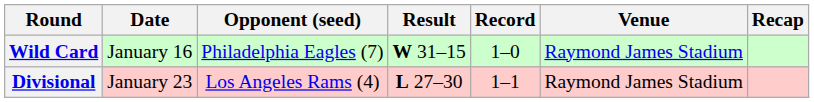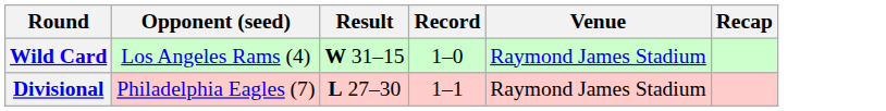 <table class="wikitable" style="text-align:center">
 <tr>
 <th>Round</th>
-<th>Date</th>
 <th>Opponent (seed)</th>
 <th>Result</th>
 <th>Record</th>
 <th>Venue</th>
 <th>Recap</th>
 </tr>
 <tr style="background:#cfc">
 <th><a href='#'>Wild Card</a></th>
-<td>January 16</td>
-<td><a href='#'>Philadelphia Eagles</a> (7)</td>
+<td><a href='#'>Los Angeles Rams</a> (4)</td>
 <td><strong>W</strong> 31–15</td>
 <td>1–0</td>
 <td><a href='#'>Raymond James Stadium</a></td>
 <td></td>
 </tr>
 <tr style="background:#fcc">
 <th><a href='#'>Divisional</a></th>
-<td>January 23</td>
-<td><a href='#'>Los Angeles Rams</a> (4)</td>
+<td><a href='#'>Philadelphia Eagles</a> (7)</td>
 <td><strong>L</strong> 27–30</td>
 <td>1–1</td>
 <td>Raymond James Stadium</td>
 <td></td>
 </tr>
 </table>
